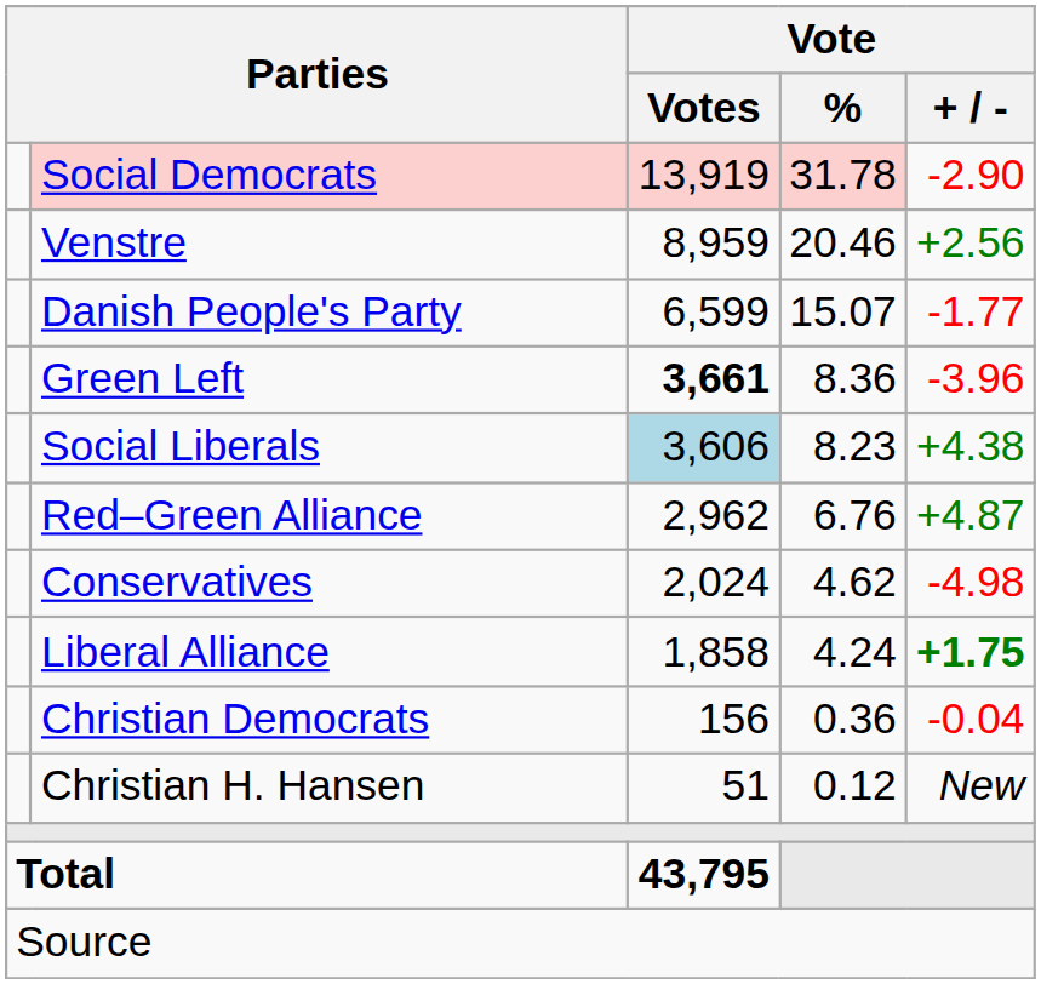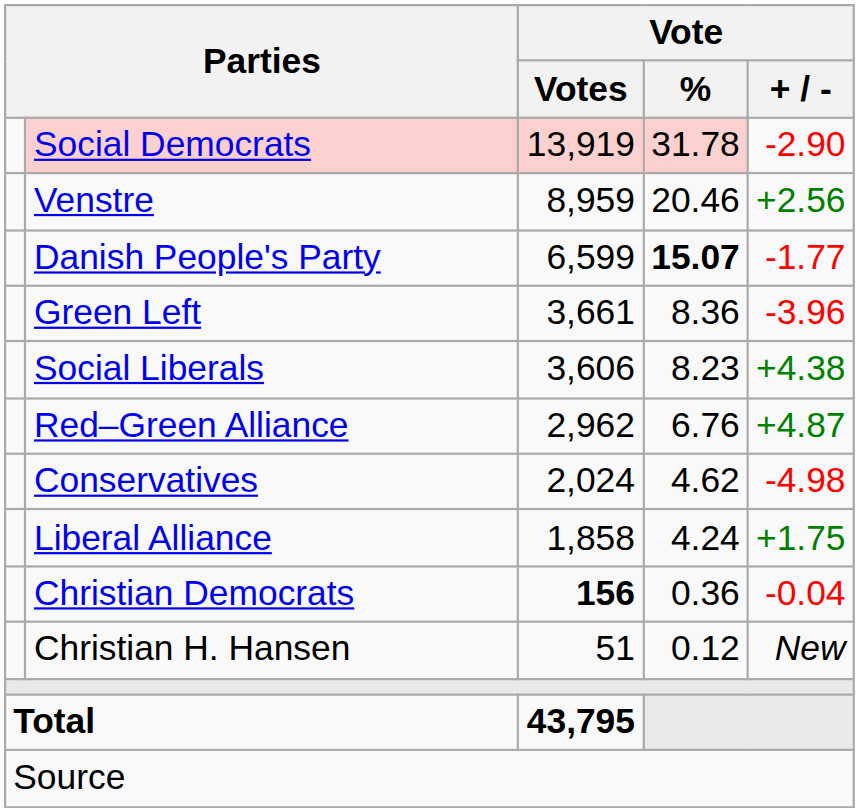 <table class="wikitable" style="text-align:right;">
 <tr>
 <th style="text-align:centre;" rowspan="2" colspan="2" width="225">Parties</th>
 <th colspan="3">Vote</th>
 </tr>
 <tr>
 <th width="15">Votes</th>
 <th width="15">%</th>
 <th width="15">+ / -</th>
 </tr>
 <tr>
 <td width="2" style="color:inherit;background:"></td>
 <td bgcolor=#fbd0ce  align="left"><a href='#'>Social Democrats</a></td>
 <td bgcolor=#fbd0ce>13,919</td>
 <td bgcolor=#fbd0ce>31.78</td>
 <td style=color:red;>-2.90</td>
 </tr>
 <tr>
 <td width="2" style="color:inherit;background:"></td>
 <td align="left"><a href='#'>Venstre</a></td>
 <td>8,959</td>
 <td>20.46</td>
 <td style=color:green;>+2.56</td>
 </tr>
 <tr>
 <td width="2" style="color:inherit;background:"></td>
 <td align="left"><a href='#'>Danish People's Party</a></td>
 <td>6,599</td>
-<td>15.07</td>
+<td><strong>15.07</strong></td>
 <td style=color:red;>-1.77</td>
 </tr>
 <tr>
 <td width="2" style="color:inherit;background:"></td>
 <td align="left"><a href='#'>Green Left</a></td>
-<td><strong>3,661</strong></td>
+<td>3,661</td>
 <td>8.36</td>
 <td style=color:red;>-3.96</td>
 </tr>
 <tr>
 <td width="2" style="color:inherit;background:"></td>
 <td align="left"><a href='#'>Social Liberals</a></td>
-<td style="background: lightblue;">3,606</td>
+<td>3,606</td>
 <td>8.23</td>
 <td style=color:green;>+4.38</td>
 </tr>
 <tr>
 <td width="2" style="color:inherit;background:"></td>
 <td align="left"><a href='#'>Red–Green Alliance</a></td>
 <td>2,962</td>
 <td>6.76</td>
 <td style=color:green;>+4.87</td>
 </tr>
 <tr>
 <td width="2" style="color:inherit;background:"></td>
 <td align="left"><a href='#'>Conservatives</a></td>
 <td>2,024</td>
 <td>4.62</td>
 <td style=color:red;>-4.98</td>
 </tr>
 <tr>
 <td width="2" style="color:inherit;background:"></td>
 <td align="left"><a href='#'>Liberal Alliance</a></td>
 <td>1,858</td>
 <td>4.24</td>
-<td style=color:green;><strong>+1.75</strong></td>
+<td style=color:green;>+1.75</td>
 </tr>
 <tr>
 <td width="2" style="color:inherit;background:"></td>
 <td align="left"><a href='#'>Christian Democrats</a></td>
-<td>156</td>
+<td><strong>156</strong></td>
 <td>0.36</td>
 <td style=color:red;>-0.04</td>
 </tr>
 <tr>
 <td width="2" style="color:inherit;background:"></td>
 <td align="left">Christian H. Hansen</td>
 <td>51</td>
 <td>0.12</td>
 <td><em>New</em></td>
 </tr>
 <tr>
 <td colspan="7" bgcolor="#E9E9E9"></td>
 </tr>
 <tr>
 <td align="left" colspan="2"><strong>Total</strong></td>
 <td><strong>43,795</strong></td>
 <td bgcolor="#E9E9E9" colspan="2"></td>
 </tr>
 <tr>
 <td align="left" colspan="6">Source</td>
 </tr>
 </table>
